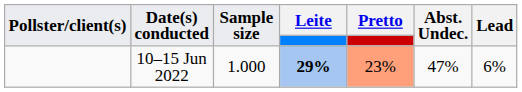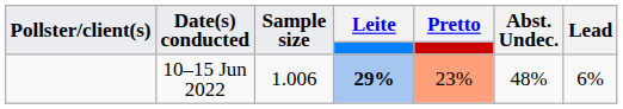 <table class="wikitable sortable" style="text-align:center;font-size:90%;line-height:14px;">
 <tr>
 <td rowspan="2" class="unsortable" style="width:50px;background:#eaecf0;"><strong>Pollster/client(s)</strong></td>
 <td rowspan="2" class="unsortable" style="width:50px;background:#eaecf0;"><strong>Date(s)<br>conducted</strong></td>
 <td rowspan="2" class="unsortable" style="width:50px;background:#eaecf0;"><strong>Sample<br> size</strong></td>
 <th class="unsortable" style="width:50px;"><a href='#'>Leite</a><br></th>
 <th class="unsortable" style="width:50px;"><a href='#'>Pretto</a><br></th>
 <th rowspan="2" class="unsortable">Abst.<br>Undec.</th>
 <th rowspan="2" class="unsortable">Lead</th>
 </tr>
 <tr>
 <th data-sort-type="number" class="sortable" style="background:#0080FF;"></th>
 <th data-sort-type="number" class="sortable" style="background:#CC0000;"></th>
 </tr>
 <tr>
 <td></td>
 <td>10–15 Jun 2022</td>
-<td>1.000</td>
+<td>1.006</td>
 <td style="background:#a5c6f0;"><strong>29%</strong></td>
 <td style="background: lightsalmon;">23%</td>
-<td>47%</td>
+<td>48%</td>
 <td style="background:">6%</td>
 </tr>
 </table>
